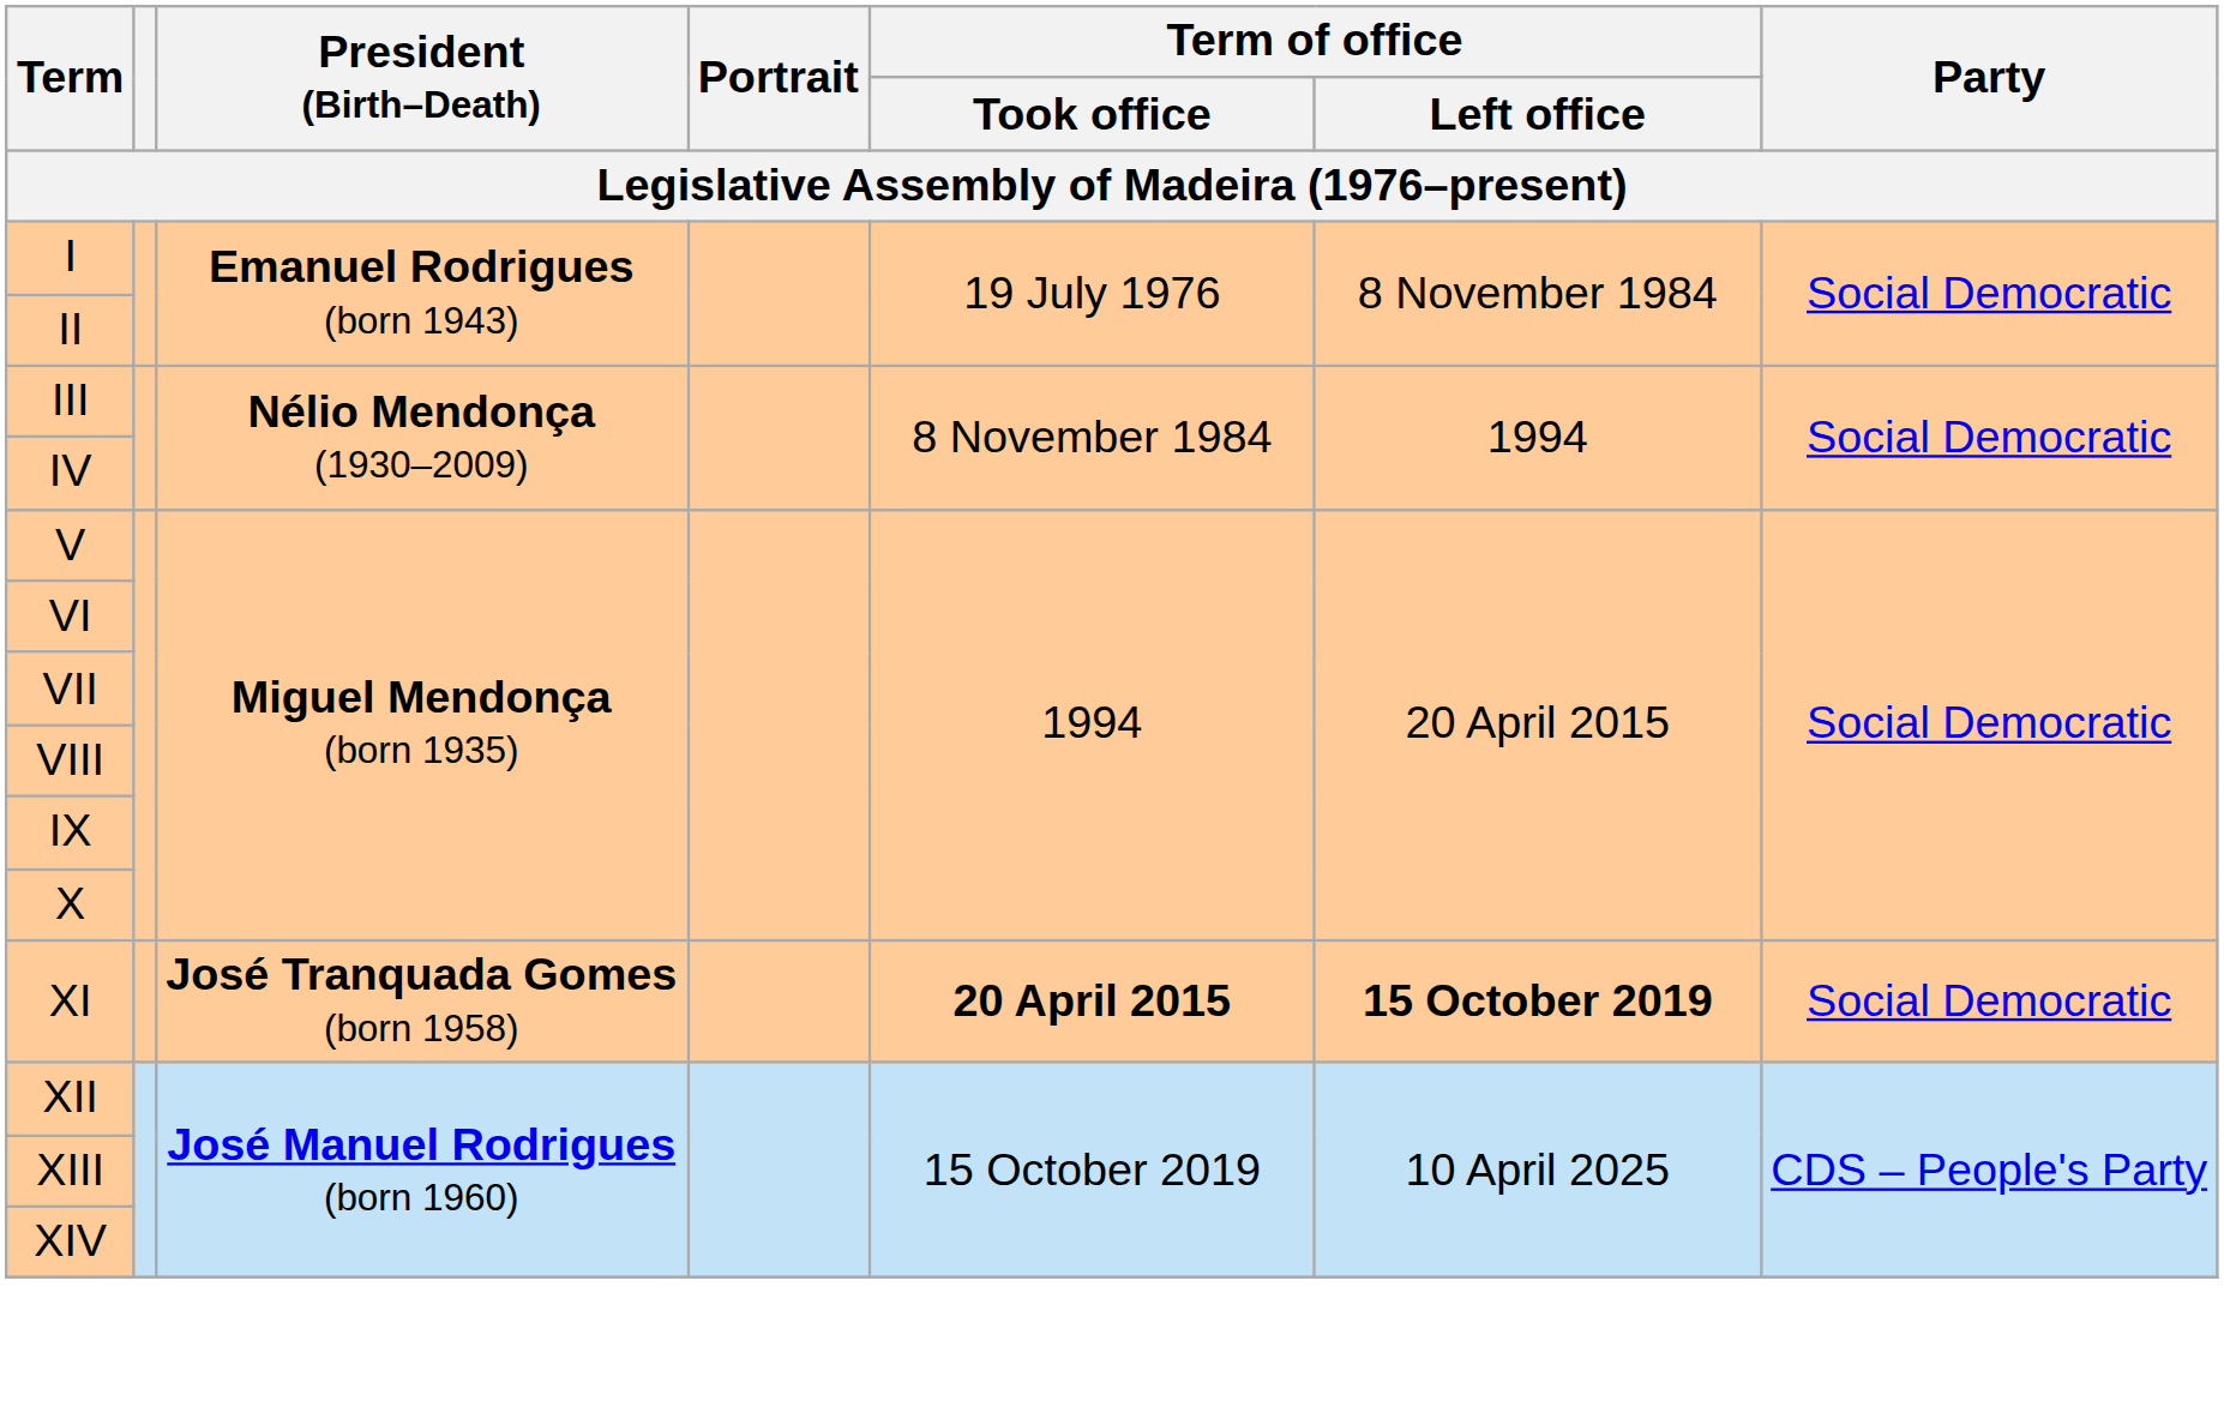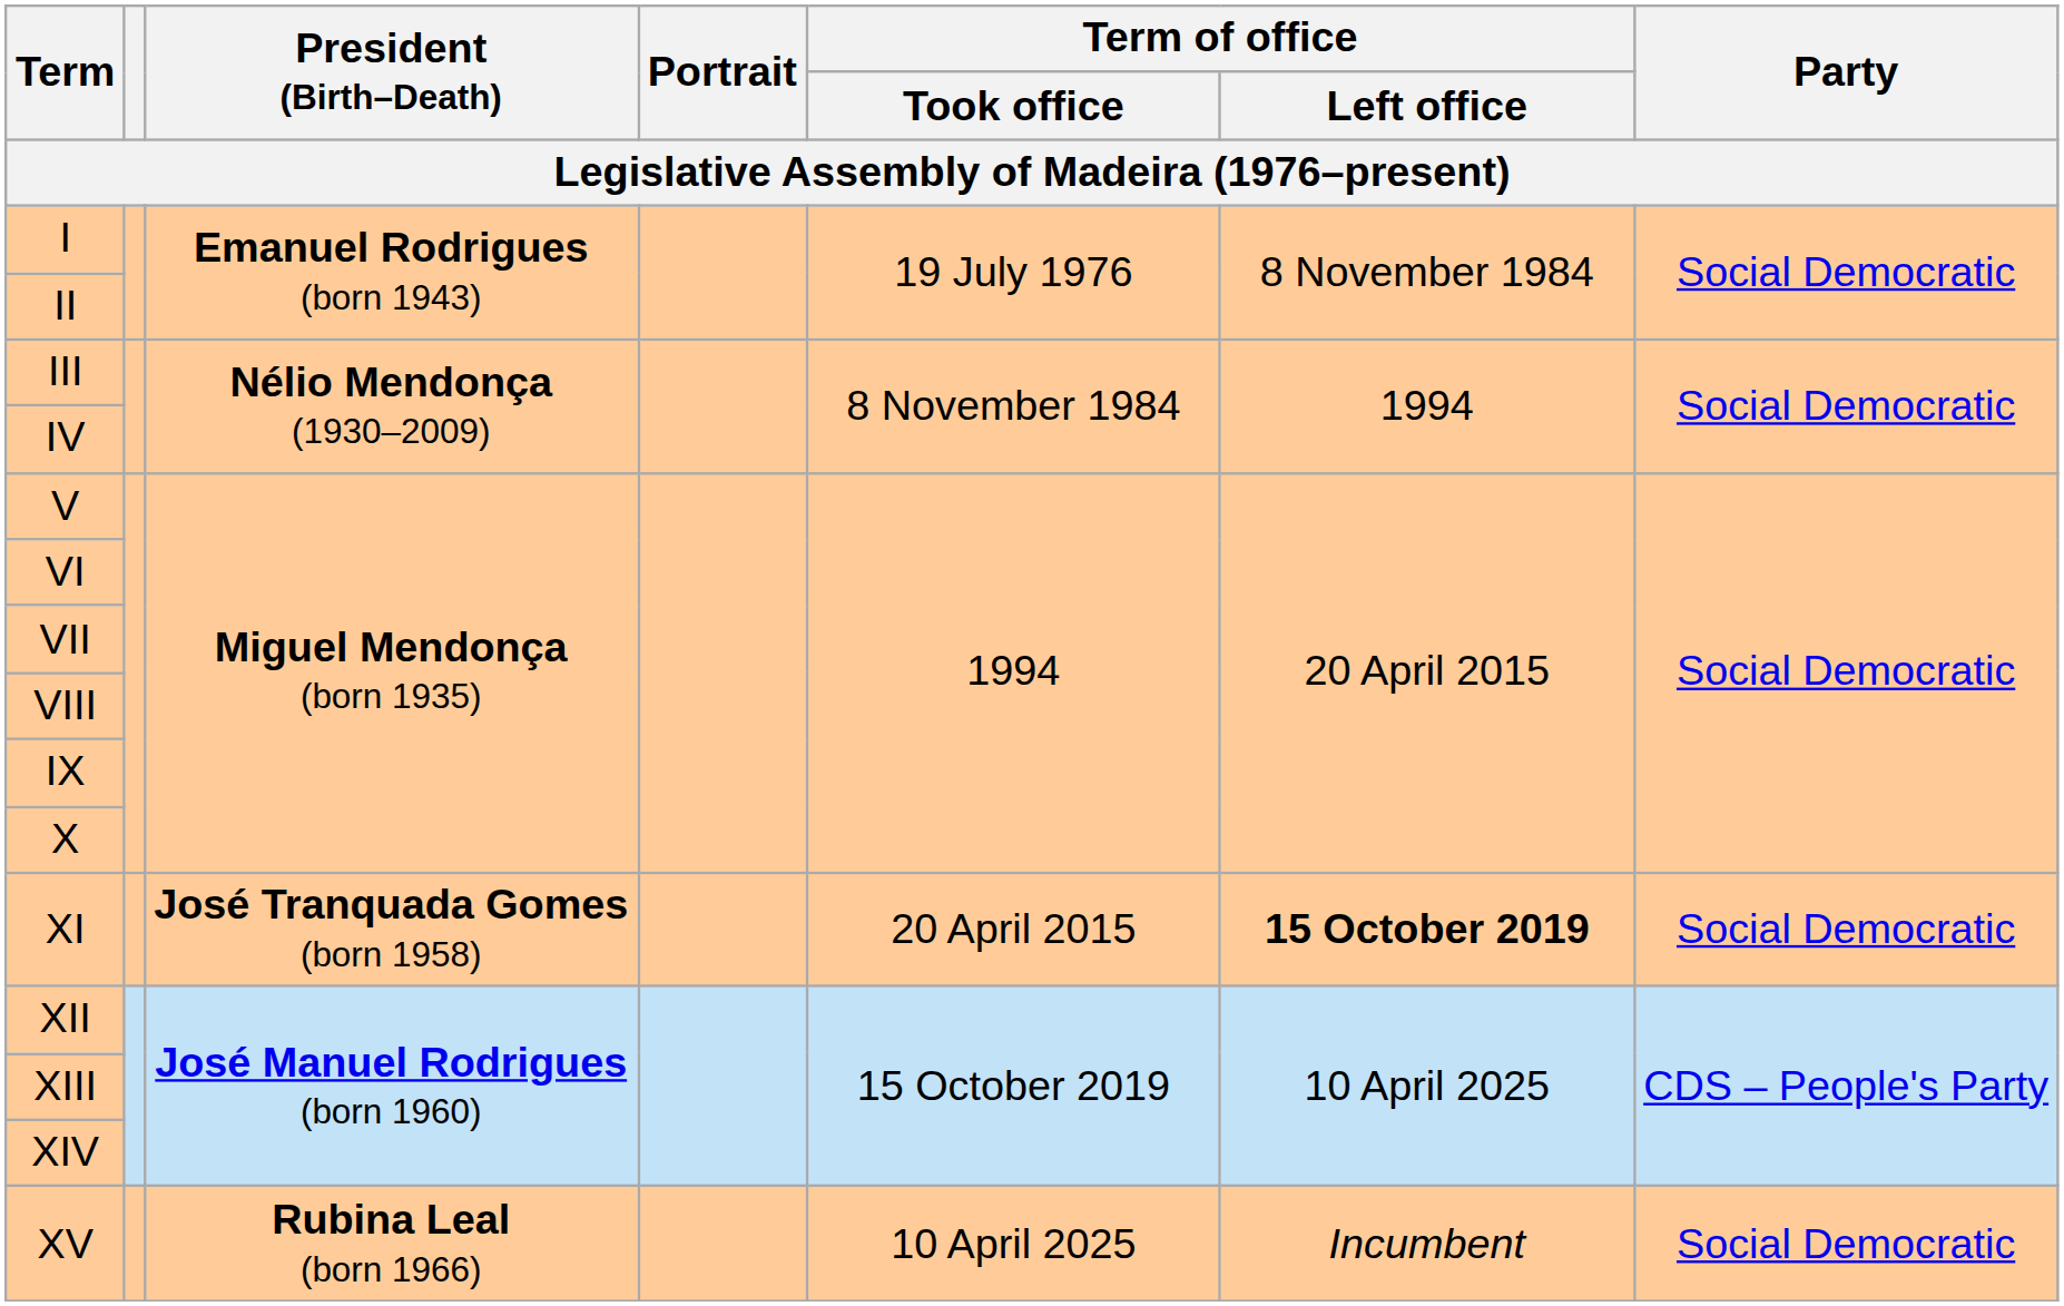 <table class="wikitable" style="text-align:center">
 <tr>
 <th rowspan="2">Term</th>
 <th rowspan="2"></th>
 <th rowspan="2">President<br><small>(Birth–Death)</small></th>
 <th rowspan="2">Portrait</th>
 <th colspan="2">Term of office</th>
 <th rowspan="2">Party</th>
 </tr>
 <tr style="background: #cccccc">
 <th style="width: 150px;">Took office</th>
 <th style="width: 150px;">Left office</th>
 </tr>
 <tr style="background:#DCDCDC">
 <th colspan="7">Legislative Assembly of Madeira (1976–present)</th>
 </tr>
 <tr style="background:#FFCC99">
 <td>I</td>
 <td rowspan="2" style="background:"></td>
 <td rowspan="2"><strong>Emanuel Rodrigues</strong><br><small> (born 1943)</small></td>
 <td rowspan="2"></td>
 <td rowspan="2">19 July 1976</td>
 <td rowspan="2">8 November 1984</td>
 <td rowspan="2"><a href='#'>Social Democratic</a></td>
 </tr>
 <tr style="background:#FFCC99">
 <td>II</td>
 </tr>
 <tr style="background:#FFCC99">
 <td>III</td>
 <td rowspan="3" style="background:"></td>
 <td rowspan="3"><strong>Nélio Mendonça</strong><br><small>(1930–2009)</small></td>
 <td rowspan="3"></td>
 <td rowspan="3">8 November 1984</td>
 <td rowspan="3">1994</td>
 <td rowspan="3"><a href='#'>Social Democratic</a></td>
 </tr>
 <tr style="background:#FFCC99">
 <td>IV</td>
 </tr>
 <tr style="background:#FFCC99">
 <td rowspan="2">V</td>
 </tr>
 <tr style="background:#FFCC99">
 <td rowspan="6" style="background:"></td>
 <td rowspan="6"><strong>Miguel Mendonça</strong><br><small>(born 1935)</small></td>
 <td rowspan="6"></td>
 <td rowspan="6">1994</td>
 <td rowspan="6">20 April 2015</td>
 <td rowspan="6"><a href='#'>Social Democratic</a></td>
 </tr>
 <tr style="background:#FFCC99">
 <td>VI</td>
 </tr>
 <tr style="background:#FFCC99">
 <td>VII</td>
 </tr>
 <tr style="background:#FFCC99">
 <td>VIII</td>
 </tr>
 <tr style="background:#FFCC99">
 <td>IX</td>
 </tr>
 <tr style="background:#FFCC99">
 <td>X</td>
 </tr>
 <tr style="background:#FFCC99">
 <td>XI</td>
 <td rowspan="1" style="background:"></td>
 <td><strong>José Tranquada Gomes</strong><br><small>(born 1958)</small></td>
 <td></td>
-<td><strong>20 April 2015</strong></td>
+<td>20 April 2015</td>
 <td><strong>15 October 2019</strong></td>
 <td><a href='#'>Social Democratic</a></td>
 </tr>
 <tr style="background:#C2E2F8">
 <td style="background:#FFCC99">XII</td>
 <td rowspan="3" style="background:"></td>
 <td rowspan="3"><strong><a href='#'>José Manuel Rodrigues</a></strong><br><small>(born 1960)</small></td>
 <td rowspan="3"></td>
 <td rowspan="3">15 October 2019</td>
 <td rowspan="3">10 April 2025</td>
 <td rowspan="3"><a href='#'>CDS – People's Party</a></td>
 </tr>
 <tr style="background:#C2E2F8">
 <td style="background:#FFCC99">XIII</td>
 </tr>
 <tr style="background:#C2E2F8">
 <td style="background:#FFCC99">XIV</td>
 </tr>
+<tr style="background:#FFCC99">
+<td style="background:#FFCC99">XV</td>
+<td rowspan="1" style="background:"></td>
+<td><strong>Rubina Leal</strong><br><small>(born 1966)</small></td>
+<td></td>
+<td>10 April 2025</td>
+<td><em>Incumbent</td>
+<td><a href='#'>Social Democratic</a></td>
+</tr>
 <tr style="background:#C2E2F8">
 </tr>
 </table>
